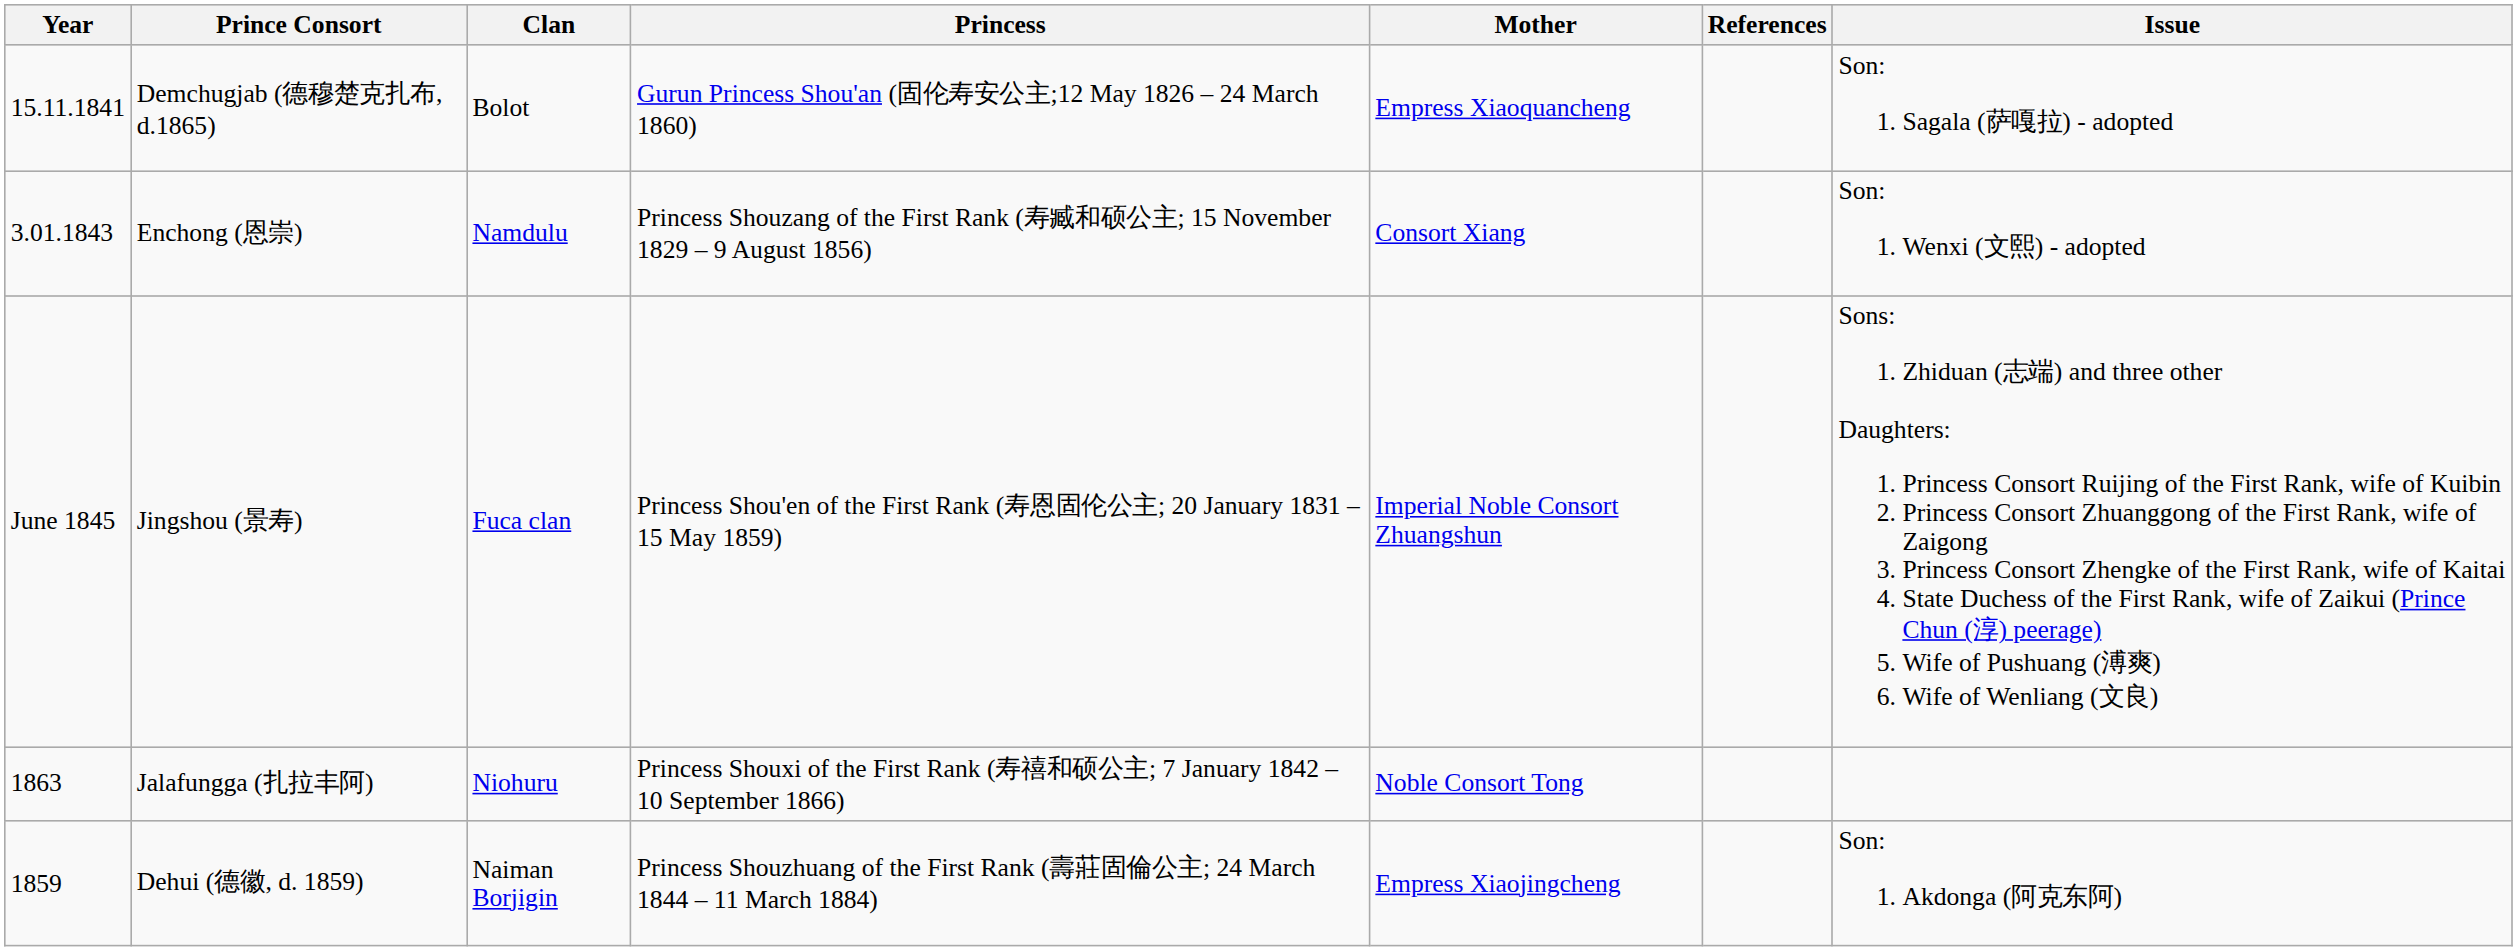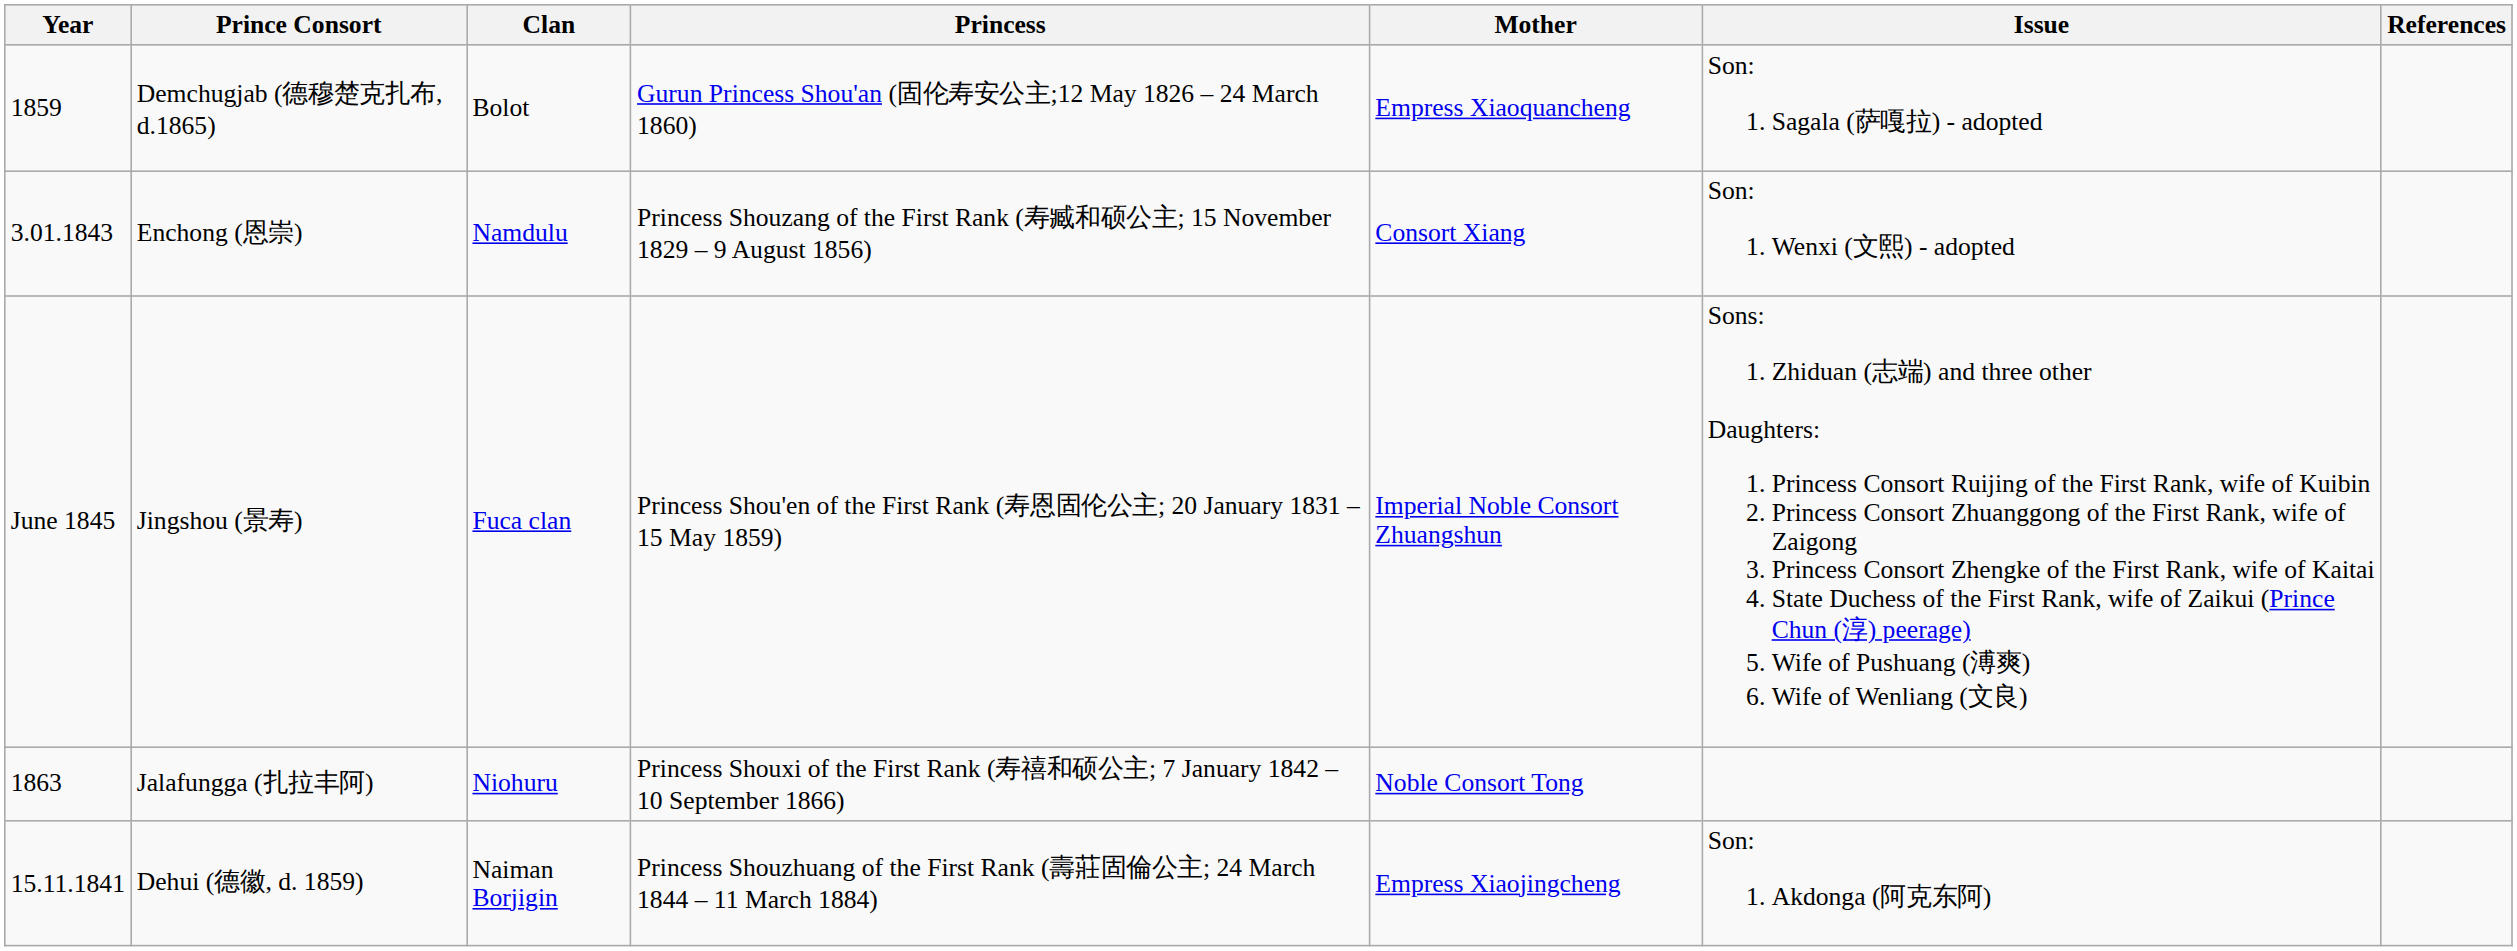 <table class="wikitable">
 <tr>
 <th>Year</th>
 <th>Prince Consort</th>
 <th>Clan</th>
 <th>Princess</th>
 <th>Mother</th>
+<th>Issue</th>
 <th>References</th>
-<th>Issue</th>
 </tr>
 <tr>
-<td>15.11.1841</td>
+<td>1859</td>
 <td>Demchugjab (德穆楚克扎布, d.1865)</td>
 <td>Bolot</td>
 <td><a href='#'>Gurun Princess Shou'an</a>  (固伦寿安公主;12 May 1826 – 24 March 1860)</td>
 <td><a href='#'>Empress Xiaoquancheng</a></td>
+<td>Son:<br><ol><li>Sagala (萨嘎拉) - adopted</li></ol></td>
 <td></td>
-<td>Son:<br><ol><li>Sagala (萨嘎拉) - adopted</li></ol></td>
 </tr>
 <tr>
 <td>3.01.1843</td>
 <td>Enchong (恩崇)</td>
 <td><a href='#'>Namdulu</a></td>
 <td>Princess Shouzang of the First Rank (寿臧和硕公主; 15 November 1829 – 9 August 1856)</td>
 <td><a href='#'>Consort Xiang</a></td>
+<td>Son:<br><ol><li>Wenxi (文熙) - adopted</li></ol></td>
 <td></td>
-<td>Son:<br><ol><li>Wenxi (文熙) - adopted</li></ol></td>
 </tr>
 <tr>
 <td>June 1845</td>
 <td>Jingshou (景寿)</td>
 <td><a href='#'>Fuca clan</a></td>
 <td>Princess Shou'en of the First Rank (寿恩固伦公主; 20 January 1831 – 15 May 1859)</td>
 <td><a href='#'>Imperial Noble Consort Zhuangshun</a></td>
+<td>Sons:<br><ol><li>Zhiduan (志端) and three other</li></ol>Daughters:<ol><li>Princess Consort Ruijing of the First Rank, wife of Kuibin</li><li>Princess Consort Zhuanggong of the First Rank, wife of Zaigong</li><li>Princess Consort Zhengke of the First Rank, wife of Kaitai</li><li>State Duchess of the First Rank, wife of Zaikui (<a href='#'>Prince Chun (淳) peerage)</a></li><li>Wife of Pushuang (溥爽)</li><li>Wife of Wenliang (文良)</li></ol></td>
 <td></td>
-<td>Sons:<br><ol><li>Zhiduan (志端) and three other</li></ol>Daughters:<ol><li>Princess Consort Ruijing of the First Rank, wife of Kuibin</li><li>Princess Consort Zhuanggong of the First Rank, wife of Zaigong</li><li>Princess Consort Zhengke of the First Rank, wife of Kaitai</li><li>State Duchess of the First Rank, wife of Zaikui (<a href='#'>Prince Chun (淳) peerage)</a></li><li>Wife of Pushuang (溥爽)</li><li>Wife of Wenliang (文良)</li></ol></td>
 </tr>
 <tr>
 <td>1863</td>
 <td>Jalafungga (扎拉丰阿)</td>
 <td><a href='#'>Niohuru</a></td>
 <td>Princess Shouxi of the First Rank (寿禧和硕公主; 7 January 1842 – 10 September 1866)</td>
 <td><a href='#'>Noble Consort Tong</a></td>
 <td></td>
 <td></td>
 </tr>
 <tr>
-<td>1859</td>
+<td>15.11.1841</td>
 <td>Dehui (德徽, d. 1859)</td>
 <td>Naiman <a href='#'>Borjigin</a></td>
 <td>Princess Shouzhuang of the First Rank (壽莊固倫公主; 24 March 1844 – 11 March 1884)</td>
 <td><a href='#'>Empress Xiaojingcheng</a></td>
+<td>Son:<br><ol><li>Akdonga (阿克东阿)</li></ol></td>
 <td></td>
-<td>Son:<br><ol><li>Akdonga (阿克东阿)</li></ol></td>
 </tr>
 </table>
